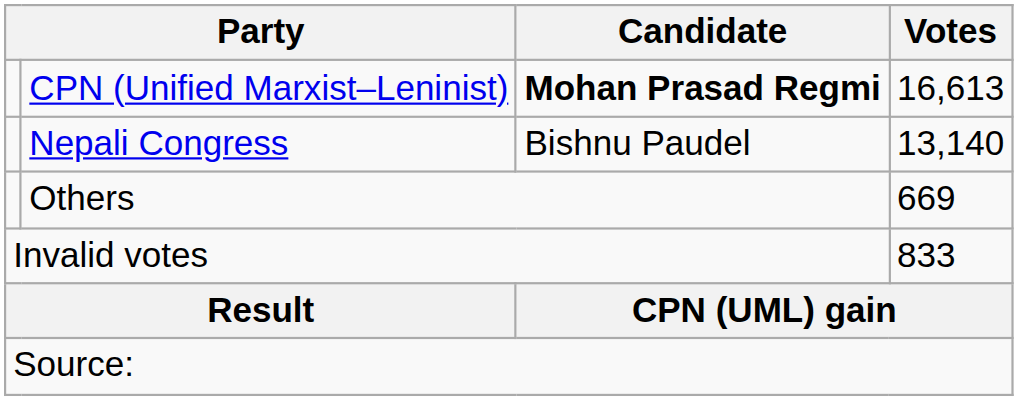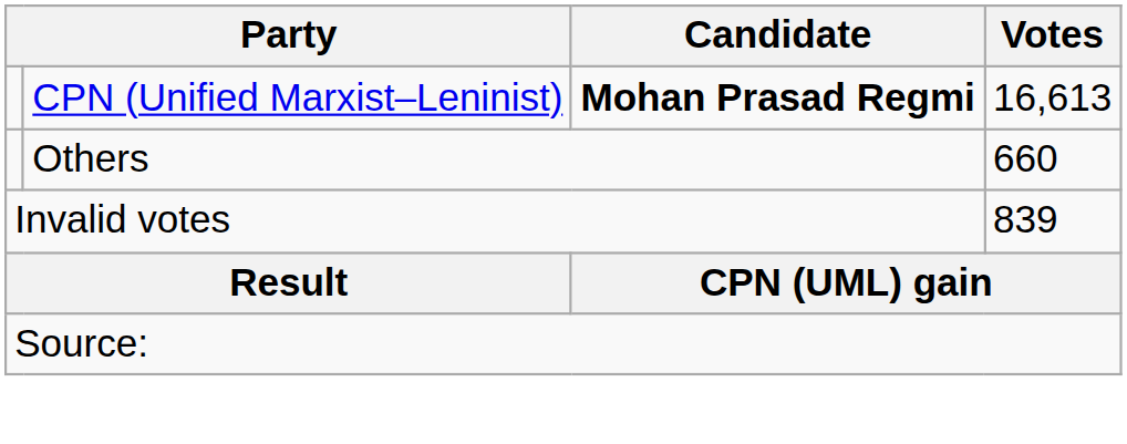 <table class="wikitable">
 <tr>
 <th colspan="2">Party</th>
 <th>Candidate</th>
 <th>Votes</th>
 </tr>
 <tr>
 <td style="background-color:"></td>
 <td><a href='#'>CPN (Unified Marxist–Leninist)</a></td>
 <td><strong>Mohan Prasad Regmi</strong></td>
 <td>16,613</td>
 </tr>
 <tr>
-<td style="background-color:"></td>
-<td><a href='#'>Nepali Congress</a></td>
-<td>Bishnu Paudel</td>
-<td>13,140</td>
-</tr>
-<tr>
 <td></td>
 <td colspan="2">Others</td>
-<td>669</td>
+<td>660</td>
 </tr>
 <tr>
 <td colspan="3">Invalid votes</td>
-<td>833</td>
+<td>839</td>
 </tr>
 <tr>
 <th colspan="2">Result</th>
 <th colspan="2">CPN (UML) gain</th>
 </tr>
 <tr>
 <td colspan="4">Source: </td>
 </tr>
 </table>
